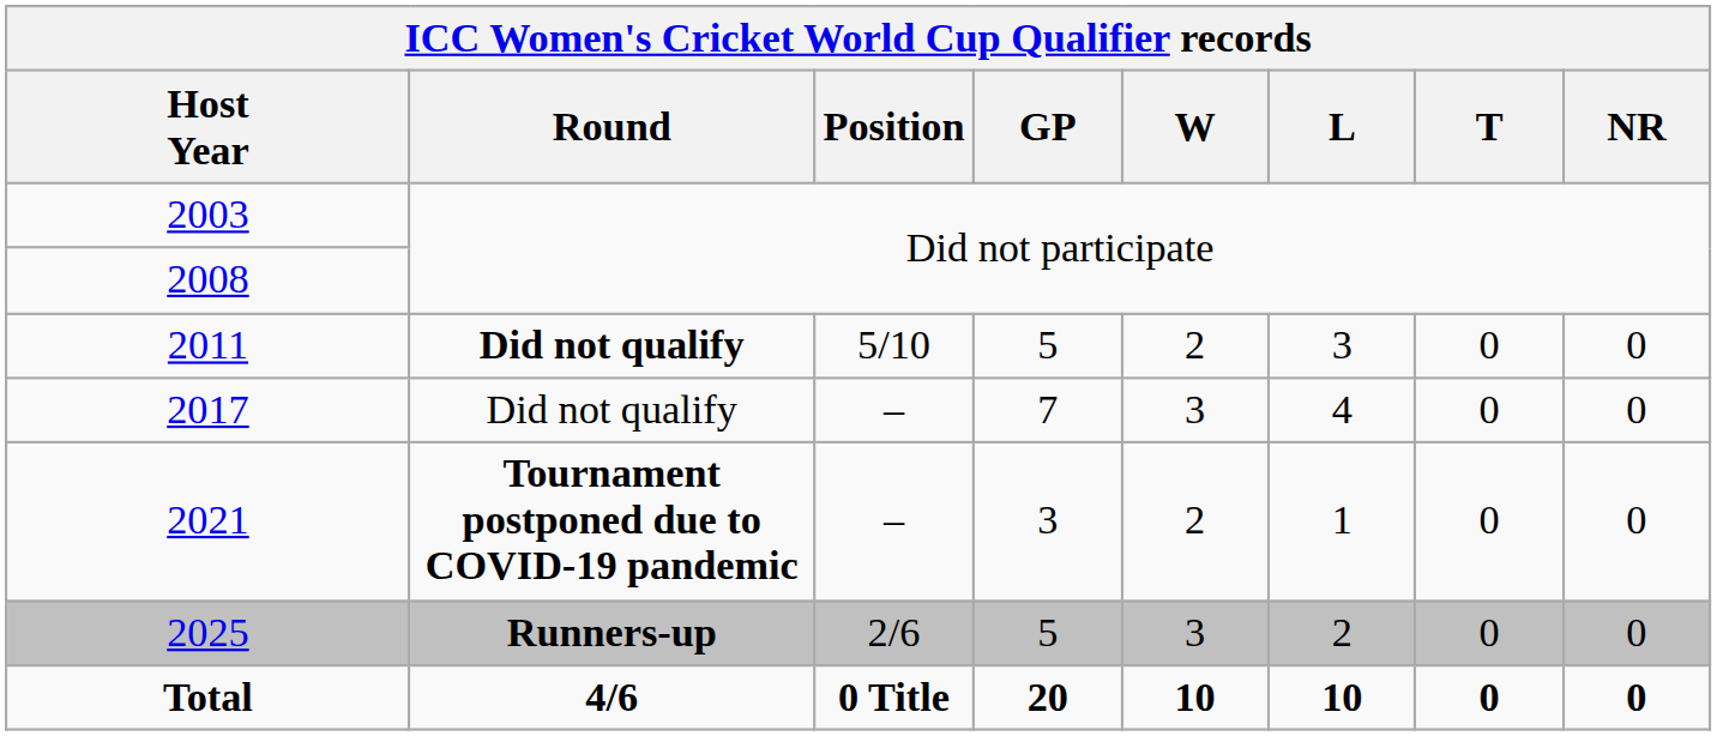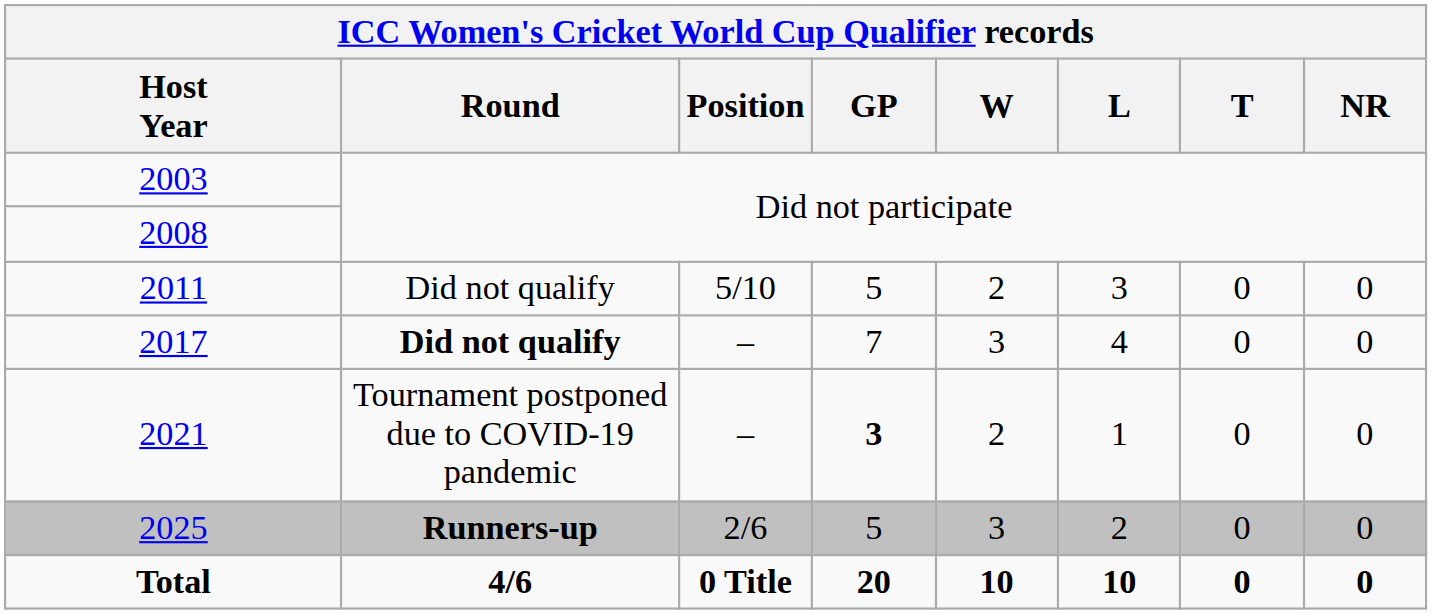 <table class="wikitable" style="text-align: center; width=900px;">
 <tr>
 <th colspan=9><a href='#'>ICC Women's Cricket World Cup Qualifier</a> records</th>
 </tr>
 <tr>
 <th width=150>Host<br>Year</th>
 <th width=150>Round</th>
 <th width=50>Position</th>
 <th width=50>GP</th>
 <th width=50>W</th>
 <th width=50>L</th>
 <th width=50>T</th>
 <th width=50>NR</th>
 </tr>
 <tr>
 <td> <a href='#'>2003</a></td>
 <td colspan=8 rowspan=2>Did not participate</td>
 </tr>
 <tr>
 <td> <a href='#'>2008</a></td>
 </tr>
 <tr>
 <td> <a href='#'>2011</a></td>
-<td><strong>Did not qualify</strong></td>
+<td>Did not qualify</td>
 <td>5/10</td>
 <td>5</td>
 <td>2</td>
 <td>3</td>
 <td>0</td>
 <td>0</td>
 </tr>
 <tr>
 <td> <a href='#'>2017</a></td>
-<td>Did not qualify</td>
+<td><strong>Did not qualify</strong></td>
 <td>–</td>
 <td>7</td>
 <td>3</td>
 <td>4</td>
 <td>0</td>
 <td>0</td>
 </tr>
 <tr>
 <td> <a href='#'>2021</a></td>
-<td><strong>Tournament postponed due to COVID-19 pandemic</strong></td>
+<td>Tournament postponed due to COVID-19 pandemic</td>
 <td>–</td>
-<td>3</td>
+<td><strong>3</strong></td>
 <td>2</td>
 <td>1</td>
 <td>0</td>
 <td>0</td>
 </tr>
 <tr style="background:silver;">
 <td> <a href='#'>2025</a></td>
 <td><strong>Runners-up</strong></td>
 <td>2/6</td>
 <td>5</td>
 <td>3</td>
 <td>2</td>
 <td>0</td>
 <td>0</td>
 </tr>
 <tr>
 <td><strong>Total</strong></td>
 <td><strong>4/6</strong></td>
 <td><strong>0 Title</strong></td>
 <td><strong>20</strong></td>
 <td><strong>10</strong></td>
 <td><strong>10</strong></td>
 <td><strong>0</strong></td>
 <td><strong>0</strong></td>
 </tr>
 </table>
